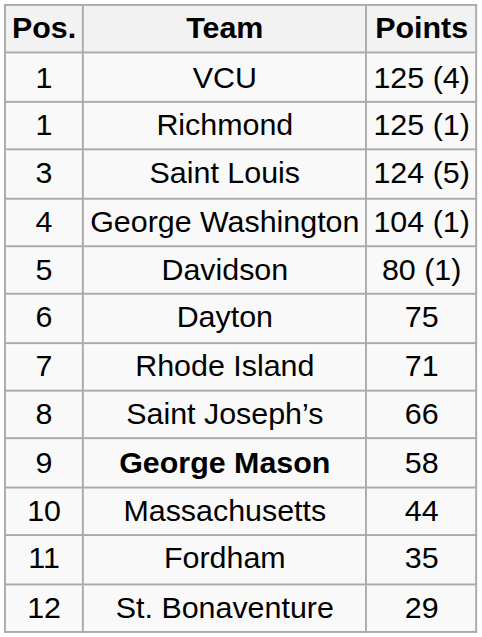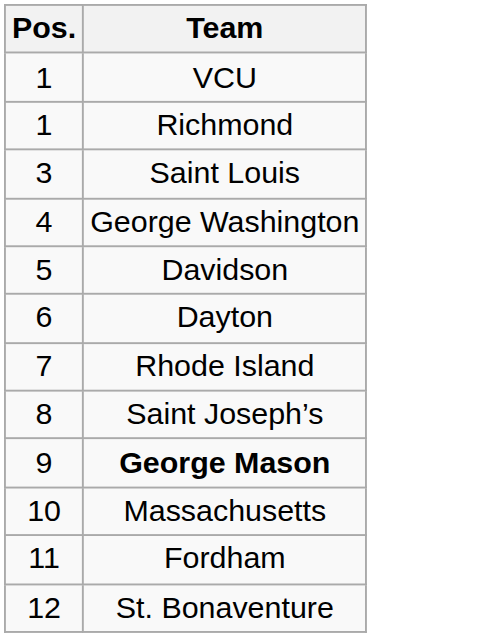 <table class="wikitable" style="text-align:center">
 <tr>
 <th>Pos.</th>
 <th>Team</th>
-<th>Points</th>
 </tr>
 <tr>
 <td>1</td>
 <td>VCU</td>
-<td>125 (4)</td>
 </tr>
 <tr>
 <td>1</td>
 <td>Richmond</td>
-<td>125 (1)</td>
 </tr>
 <tr>
 <td>3</td>
 <td>Saint Louis</td>
-<td>124 (5)</td>
 </tr>
 <tr>
 <td>4</td>
 <td>George Washington</td>
-<td>104 (1)</td>
 </tr>
 <tr>
 <td>5</td>
 <td>Davidson</td>
-<td>80 (1)</td>
 </tr>
 <tr>
 <td>6</td>
 <td>Dayton</td>
-<td>75</td>
 </tr>
 <tr>
 <td>7</td>
 <td>Rhode Island</td>
-<td>71</td>
 </tr>
 <tr>
 <td>8</td>
 <td>Saint Joseph’s</td>
-<td>66</td>
 </tr>
 <tr>
 <td>9</td>
 <td><strong>George Mason</strong></td>
-<td>58</td>
 </tr>
 <tr>
 <td>10</td>
 <td>Massachusetts</td>
-<td>44</td>
 </tr>
 <tr>
 <td>11</td>
 <td>Fordham</td>
-<td>35</td>
 </tr>
 <tr>
 <td>12</td>
 <td>St. Bonaventure</td>
-<td>29</td>
 </tr>
 </table>
